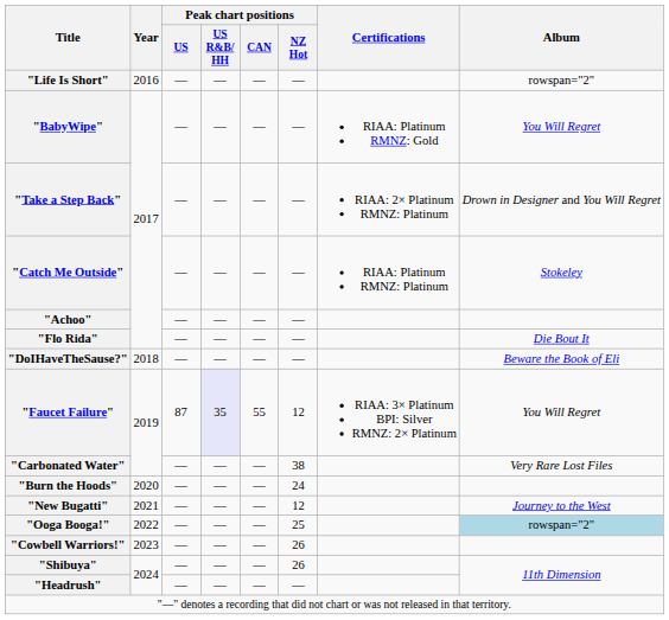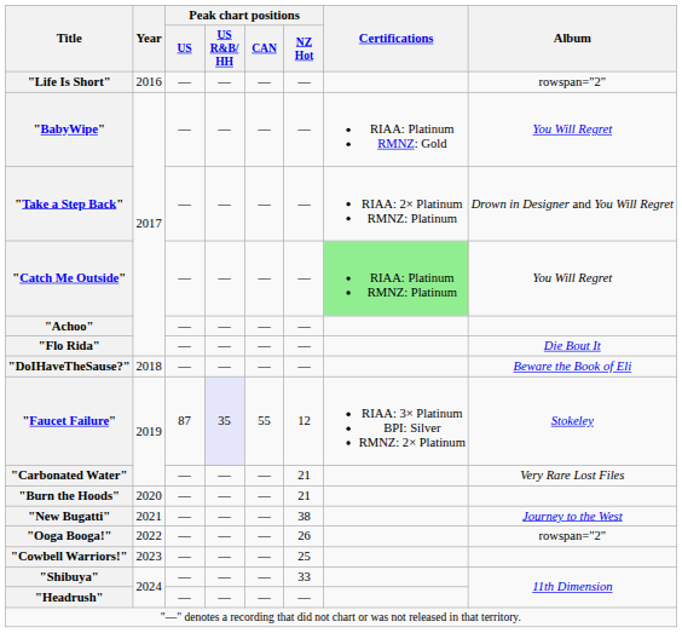 <table class="wikitable plainrowheaders" style="text-align:center;">
 <tr>
 <th scope="col" rowspan="2">Title</th>
 <th scope="col" rowspan="2">Year</th>
 <th scope="col" colspan="4">Peak chart positions</th>
 <th scope="col" rowspan="2"><a href='#'>Certifications</a></th>
 <th scope="col" rowspan="2">Album</th>
 </tr>
 <tr>
 <th scope="col" style="width:3em;font-size:90%;"><a href='#'>US</a><br></th>
 <th scope="col" style="width:3em;font-size:90%;"><a href='#'>US<br>R&B/<br>HH</a><br></th>
 <th scope="col" style="width:3em;font-size:90%;"><a href='#'>CAN</a><br></th>
 <th scope="col" style="width:3em;font-size:90%;"><a href='#'>NZ<br>Hot</a><br></th>
 </tr>
 <tr>
 <th scope="row">"Life Is Short"</th>
 <td>2016</td>
 <td>—</td>
 <td>—</td>
 <td>—</td>
 <td>—</td>
 <td></td>
 <td>rowspan="2" </td>
 </tr>
 <tr>
 <th scope="row">"<a href='#'>BabyWipe</a>"</th>
 <td rowspan="5">2017</td>
 <td>—</td>
 <td>—</td>
 <td>—</td>
 <td>—</td>
 <td><br><ul><li>RIAA: Platinum</li><li><a href='#'>RMNZ</a>: Gold</li></ul></td>
 <td><em><a href='#'>You Will Regret</a></em></td>
 </tr>
 <tr>
 <th scope="row">"<a href='#'>Take a Step Back</a>"<br></th>
 <td>—</td>
 <td>—</td>
 <td>—</td>
 <td>—</td>
 <td><br><ul><li>RIAA: 2× Platinum</li><li>RMNZ: Platinum</li></ul></td>
 <td><em>Drown in Designer</em> and <em>You Will Regret</em></td>
 </tr>
 <tr>
 <th scope="row">"<a href='#'>Catch Me Outside</a>"</th>
 <td>—</td>
 <td>—</td>
 <td>—</td>
 <td>—</td>
-<td><br><ul><li>RIAA: Platinum</li><li>RMNZ: Platinum</li></ul></td>
-<td><em><a href='#'>Stokeley</a></em></td>
+<td style="background: lightgreen;"><br><ul><li>RIAA: Platinum</li><li>RMNZ: Platinum</li></ul></td>
+<td><em>You Will Regret</em></td>
 </tr>
 <tr>
 <th scope="row">"Achoo"<br></th>
 <td>—</td>
 <td>—</td>
 <td>—</td>
 <td>—</td>
 <td></td>
 <td></td>
 </tr>
 <tr>
 <th scope="row">"Flo Rida"<br></th>
 <td>—</td>
 <td>—</td>
 <td>—</td>
 <td>—</td>
 <td></td>
 <td><em><a href='#'>Die Bout It</a></em></td>
 </tr>
 <tr>
 <th scope="row">"DoIHaveTheSause?"</th>
 <td>2018</td>
 <td>—</td>
 <td>—</td>
 <td>—</td>
 <td>—</td>
 <td></td>
 <td><em><a href='#'>Beware the Book of Eli</a></em></td>
 </tr>
 <tr>
 <th scope="row">"<a href='#'>Faucet Failure</a>"</th>
 <td rowspan="2">2019</td>
 <td>87</td>
 <td style="background: lavender;">35</td>
 <td>55</td>
 <td>12</td>
 <td><br><ul><li>RIAA: 3× Platinum</li><li>BPI: Silver</li><li>RMNZ: 2× Platinum</li></ul></td>
-<td><em>You Will Regret</em></td>
+<td><em><a href='#'>Stokeley</a></em></td>
 </tr>
 <tr>
 <th scope="row">"Carbonated Water"</th>
 <td>—</td>
 <td>—</td>
 <td>—</td>
-<td>38</td>
+<td>21</td>
 <td></td>
 <td><em>Very Rare Lost Files</em></td>
 </tr>
 <tr>
 <th scope="row">"Burn the Hoods"</th>
 <td>2020</td>
 <td>—</td>
 <td>—</td>
 <td>—</td>
-<td>24</td>
+<td>21</td>
 <td></td>
 </tr>
 <tr>
 <th scope="row">"New Bugatti"<br></th>
 <td>2021</td>
 <td>—</td>
 <td>—</td>
 <td>—</td>
-<td>12</td>
+<td>38</td>
 <td></td>
 <td><em><a href='#'>Journey to the West</a></em></td>
 </tr>
 <tr>
 <th scope="row">"Ooga Booga!"</th>
 <td>2022</td>
 <td>—</td>
 <td>—</td>
 <td>—</td>
-<td>25</td>
+<td>26</td>
 <td></td>
-<td style="background: lightblue;">rowspan="2" </td>
+<td>rowspan="2" </td>
 </tr>
 <tr>
 <th scope="row">"Cowbell Warriors!"<br></th>
 <td>2023</td>
 <td>—</td>
 <td>—</td>
 <td>—</td>
-<td>26</td>
+<td>25</td>
 <td></td>
 </tr>
 <tr>
 <th scope="row">"Shibuya"</th>
 <td rowspan="2">2024</td>
 <td>—</td>
 <td>—</td>
 <td>—</td>
-<td>26</td>
+<td>33</td>
 <td></td>
 <td rowspan="2"><em><a href='#'>11th Dimension</a></em></td>
 </tr>
 <tr>
 <th scope="row">"Headrush"</th>
 <td>—</td>
 <td>—</td>
 <td>—</td>
 <td>—</td>
 <td></td>
 </tr>
 <tr>
 <td colspan="14" style="font-size:90%">"—" denotes a recording that did not chart or was not released in that territory.</td>
 </tr>
 </table>
